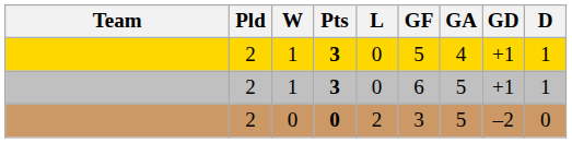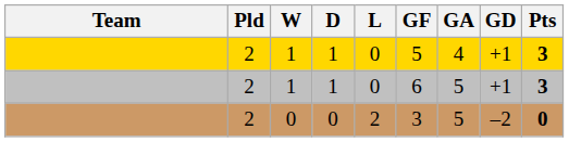 <table class="wikitable" style="text-align: center;">
 <tr>
 <th width=165>Team</th>
 <th width=25>Pld</th>
 <th width=25>W</th>
-<th width=25>Pts</th>
+<th width=25>D</th>
 <th width=25>L</th>
 <th width=25>GF</th>
 <th width=25>GA</th>
 <th width=25>GD</th>
-<th width=25>D</th>
+<th width=25>Pts</th>
 </tr>
 <tr bgcolor=gold>
 <td align=left></td>
 <td>2</td>
 <td>1</td>
-<td><strong>3</strong></td>
+<td>1</td>
 <td>0</td>
 <td>5</td>
 <td>4</td>
 <td>+1</td>
-<td>1</td>
+<td><strong>3</strong></td>
 </tr>
 <tr bgcolor=silver>
 <td align=left></td>
 <td>2</td>
 <td>1</td>
-<td><strong>3</strong></td>
+<td>1</td>
 <td>0</td>
 <td>6</td>
 <td>5</td>
 <td>+1</td>
-<td>1</td>
+<td><strong>3</strong></td>
 </tr>
 <tr bgcolor=#cc9966>
 <td align=left></td>
 <td>2</td>
 <td>0</td>
-<td><strong>0</strong></td>
+<td>0</td>
 <td>2</td>
 <td>3</td>
 <td>5</td>
 <td>–2</td>
-<td>0</td>
+<td><strong>0</strong></td>
 </tr>
 </table>
